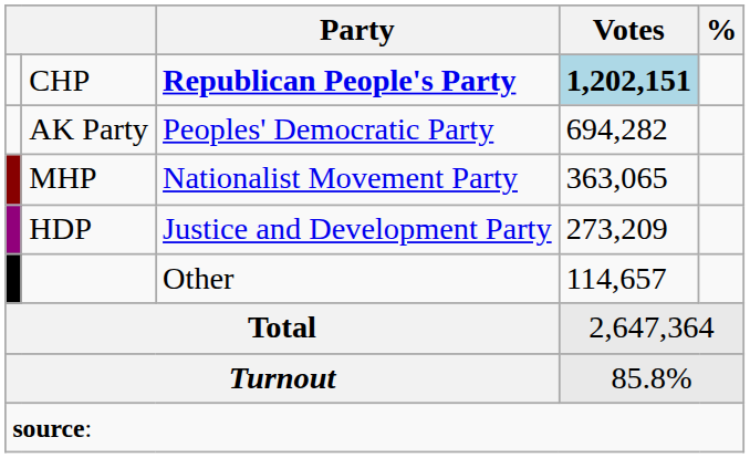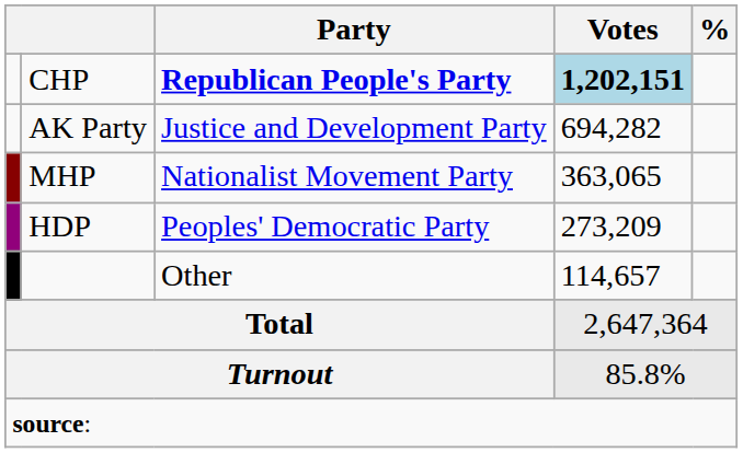 <table class="wikitable">
 <tr>
 <th colspan="2" align="center"></th>
 <th align="center">Party</th>
 <th align="center">Votes</th>
 <th align="center">%</th>
 </tr>
 <tr align="left">
 <td></td>
 <td>CHP</td>
 <td><strong><a href='#'>Republican People's Party</a></strong></td>
 <td style="background: lightblue;"><strong>1,202,151</strong></td>
 <td><strong></strong></td>
 </tr>
 <tr align="left">
 <td></td>
 <td>AK Party</td>
-<td><a href='#'>Peoples' Democratic Party</a></td>
+<td><a href='#'>Justice and Development Party</a></td>
 <td>694,282</td>
 <td></td>
 </tr>
 <tr align="left">
 <td bgcolor="#870000" width="1"></td>
 <td>MHP</td>
 <td><a href='#'>Nationalist Movement Party</a></td>
 <td>363,065</td>
 <td></td>
 </tr>
 <tr align="left">
 <td bgcolor="#91007B" width="1"></td>
 <td>HDP</td>
-<td><a href='#'>Justice and Development Party</a></td>
+<td><a href='#'>Peoples' Democratic Party</a></td>
 <td>273,209</td>
 <td></td>
 </tr>
 <tr align="left">
 <td bgcolor=" " width="1"></td>
 <td></td>
 <td>Other</td>
 <td>114,657</td>
 <td></td>
 </tr>
 <tr align="left" style="background-color:#E9E9E9">
 <th colspan="3" align="center"><strong>Total</strong></th>
 <td colspan="5" align="center">2,647,364</td>
 </tr>
 <tr align="left" style="background-color:#E9E9E9">
 <th colspan="3" align="center"><em>Turnout</em></th>
 <td colspan="5" align="center">85.8%</td>
 </tr>
 <tr>
 <td colspan="9" align="left"><small><strong>source</strong>: </small></td>
 </tr>
 </table>
